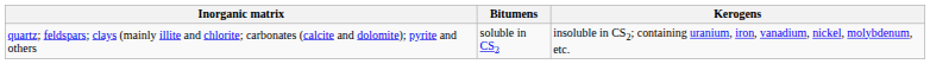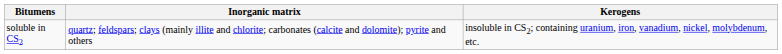 <table class="wikitable" style="margin:left">
 <tr>
+<th>Bitumens</th>
 <th>Inorganic matrix</th>
-<th>Bitumens</th>
 <th>Kerogens</th>
 </tr>
 <tr>
+<td align="left">soluble in <a href='#'>CS<sub>2</sub></a></td>
 <td align="left"><a href='#'>quartz</a>; <a href='#'>feldspars</a>; <a href='#'>clays</a> (mainly <a href='#'>illite</a> and <a href='#'>chlorite</a>; carbonates (<a href='#'>calcite</a> and <a href='#'>dolomite</a>); <a href='#'>pyrite</a> and others</td>
-<td align="left">soluble in <a href='#'>CS<sub>2</sub></a></td>
 <td align="left">insoluble in CS<sub>2</sub>; containing <a href='#'>uranium</a>, <a href='#'>iron</a>, <a href='#'>vanadium</a>, <a href='#'>nickel</a>, <a href='#'>molybdenum</a>, etc.</td>
 </tr>
 </table>
